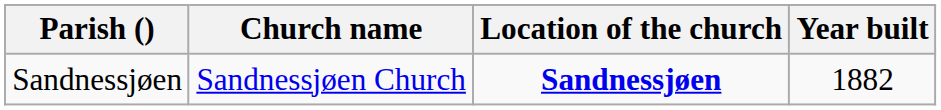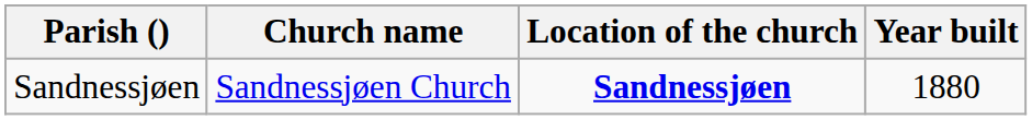 <table class="wikitable" style="text-align:center">
 <tr>
 <th>Parish ()</th>
 <th>Church name</th>
 <th>Location of the church</th>
 <th>Year built</th>
 </tr>
 <tr>
 <td rowspan="1">Sandnessjøen</td>
 <td><a href='#'>Sandnessjøen Church</a></td>
 <td><strong><a href='#'>Sandnessjøen</a></strong></td>
-<td>1882</td>
+<td>1880</td>
 </tr>
 </table>
